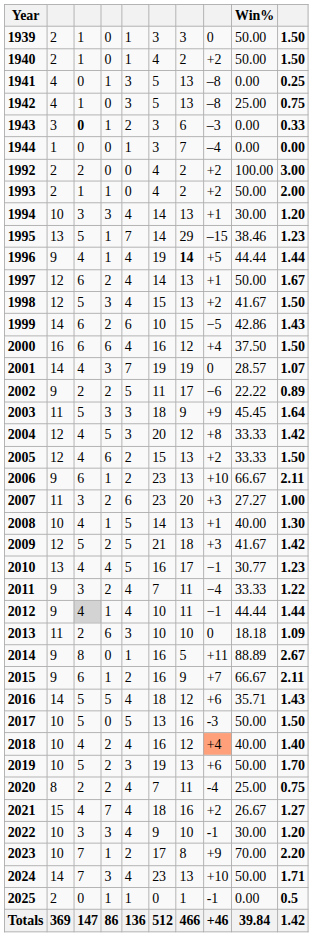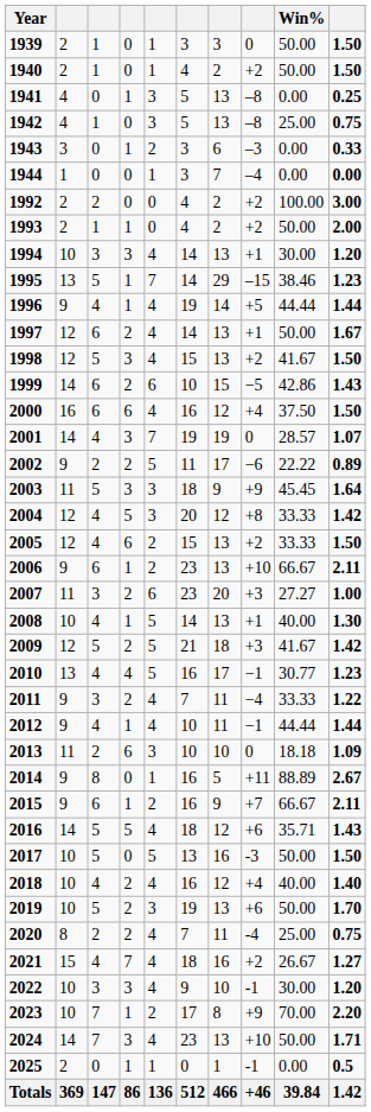 <table class="wikitable sortable">
 <tr>
 <th>Year</th>
 <th></th>
 <th></th>
 <th></th>
 <th></th>
 <th></th>
 <th></th>
 <th></th>
 <th>Win%</th>
 <th></th>
 </tr>
 <tr>
 <td><strong>1939</strong></td>
 <td>2</td>
 <td>1</td>
 <td>0</td>
 <td>1</td>
 <td>3</td>
 <td>3</td>
 <td>0</td>
 <td>50.00</td>
 <td><strong>1.50</strong></td>
 </tr>
 <tr>
 <td><strong>1940</strong></td>
 <td>2</td>
 <td>1</td>
 <td>0</td>
 <td>1</td>
 <td>4</td>
 <td>2</td>
 <td>+2</td>
 <td>50.00</td>
 <td><strong>1.50</strong></td>
 </tr>
 <tr>
 <td><strong>1941</strong></td>
 <td>4</td>
 <td>0</td>
 <td>1</td>
 <td>3</td>
 <td>5</td>
 <td>13</td>
 <td>–8</td>
 <td>0.00</td>
 <td><strong>0.25</strong></td>
 </tr>
 <tr>
 <td><strong>1942</strong></td>
 <td>4</td>
 <td>1</td>
 <td>0</td>
 <td>3</td>
 <td>5</td>
 <td>13</td>
 <td>–8</td>
 <td>25.00</td>
 <td><strong>0.75</strong></td>
 </tr>
 <tr>
 <td><strong>1943</strong></td>
 <td>3</td>
-<td><strong>0</strong></td>
+<td>0</td>
 <td>1</td>
 <td>2</td>
 <td>3</td>
 <td>6</td>
 <td>–3</td>
 <td>0.00</td>
 <td><strong>0.33</strong></td>
 </tr>
 <tr>
 <td><strong>1944</strong></td>
 <td>1</td>
 <td>0</td>
 <td>0</td>
 <td>1</td>
 <td>3</td>
 <td>7</td>
 <td>–4</td>
 <td>0.00</td>
 <td><strong>0.00</strong></td>
 </tr>
 <tr>
 <td><strong>1992</strong></td>
 <td>2</td>
 <td>2</td>
 <td>0</td>
 <td>0</td>
 <td>4</td>
 <td>2</td>
 <td>+2</td>
 <td>100.00</td>
 <td><strong>3.00</strong></td>
 </tr>
 <tr>
 <td><strong>1993</strong></td>
 <td>2</td>
 <td>1</td>
 <td>1</td>
 <td>0</td>
 <td>4</td>
 <td>2</td>
 <td>+2</td>
 <td>50.00</td>
 <td><strong>2.00</strong></td>
 </tr>
 <tr>
 <td><strong>1994</strong></td>
 <td>10</td>
 <td>3</td>
 <td>3</td>
 <td>4</td>
 <td>14</td>
 <td>13</td>
 <td>+1</td>
 <td>30.00</td>
 <td><strong>1.20</strong></td>
 </tr>
 <tr>
 <td><strong>1995</strong></td>
 <td>13</td>
 <td>5</td>
 <td>1</td>
 <td>7</td>
 <td>14</td>
 <td>29</td>
 <td>–15</td>
 <td>38.46</td>
 <td><strong>1.23</strong></td>
 </tr>
 <tr>
 <td><strong>1996</strong></td>
 <td>9</td>
 <td>4</td>
 <td>1</td>
 <td>4</td>
 <td>19</td>
-<td><strong>14</strong></td>
+<td>14</td>
 <td>+5</td>
 <td>44.44</td>
 <td><strong>1.44</strong></td>
 </tr>
 <tr>
 <td><strong>1997</strong></td>
 <td>12</td>
 <td>6</td>
 <td>2</td>
 <td>4</td>
 <td>14</td>
 <td>13</td>
 <td>+1</td>
 <td>50.00</td>
 <td><strong>1.67</strong></td>
 </tr>
 <tr>
 <td><strong>1998</strong></td>
 <td>12</td>
 <td>5</td>
 <td>3</td>
 <td>4</td>
 <td>15</td>
 <td>13</td>
 <td>+2</td>
 <td>41.67</td>
 <td><strong>1.50</strong></td>
 </tr>
 <tr>
 <td><strong>1999</strong></td>
 <td>14</td>
 <td>6</td>
 <td>2</td>
 <td>6</td>
 <td>10</td>
 <td>15</td>
 <td>−5</td>
 <td>42.86</td>
 <td><strong>1.43</strong></td>
 </tr>
 <tr>
 <td><strong>2000</strong></td>
 <td>16</td>
 <td>6</td>
 <td>6</td>
 <td>4</td>
 <td>16</td>
 <td>12</td>
 <td>+4</td>
 <td>37.50</td>
 <td><strong>1.50</strong></td>
 </tr>
 <tr>
 <td><strong>2001</strong></td>
 <td>14</td>
 <td>4</td>
 <td>3</td>
 <td>7</td>
 <td>19</td>
 <td>19</td>
 <td>0</td>
 <td>28.57</td>
 <td><strong>1.07</strong></td>
 </tr>
 <tr>
 <td><strong>2002</strong></td>
 <td>9</td>
 <td>2</td>
 <td>2</td>
 <td>5</td>
 <td>11</td>
 <td>17</td>
 <td>−6</td>
 <td>22.22</td>
 <td><strong>0.89</strong></td>
 </tr>
 <tr>
 <td><strong>2003</strong></td>
 <td>11</td>
 <td>5</td>
 <td>3</td>
 <td>3</td>
 <td>18</td>
 <td>9</td>
 <td>+9</td>
 <td>45.45</td>
 <td><strong>1.64</strong></td>
 </tr>
 <tr>
 <td><strong>2004</strong></td>
 <td>12</td>
 <td>4</td>
 <td>5</td>
 <td>3</td>
 <td>20</td>
 <td>12</td>
 <td>+8</td>
 <td>33.33</td>
 <td><strong>1.42</strong></td>
 </tr>
 <tr>
 <td><strong>2005</strong></td>
 <td>12</td>
 <td>4</td>
 <td>6</td>
 <td>2</td>
 <td>15</td>
 <td>13</td>
 <td>+2</td>
 <td>33.33</td>
 <td><strong>1.50</strong></td>
 </tr>
 <tr>
 <td><strong>2006</strong></td>
 <td>9</td>
 <td>6</td>
 <td>1</td>
 <td>2</td>
 <td>23</td>
 <td>13</td>
 <td>+10</td>
 <td>66.67</td>
 <td><strong>2.11</strong></td>
 </tr>
 <tr>
 <td><strong>2007</strong></td>
 <td>11</td>
 <td>3</td>
 <td>2</td>
 <td>6</td>
 <td>23</td>
 <td>20</td>
 <td>+3</td>
 <td>27.27</td>
 <td><strong>1.00</strong></td>
 </tr>
 <tr>
 <td><strong>2008</strong></td>
 <td>10</td>
 <td>4</td>
 <td>1</td>
 <td>5</td>
 <td>14</td>
 <td>13</td>
 <td>+1</td>
 <td>40.00</td>
 <td><strong>1.30</strong></td>
 </tr>
 <tr>
 <td><strong>2009</strong></td>
 <td>12</td>
 <td>5</td>
 <td>2</td>
 <td>5</td>
 <td>21</td>
 <td>18</td>
 <td>+3</td>
 <td>41.67</td>
 <td><strong>1.42</strong></td>
 </tr>
 <tr>
 <td><strong>2010</strong></td>
 <td>13</td>
 <td>4</td>
 <td>4</td>
 <td>5</td>
 <td>16</td>
 <td>17</td>
 <td>−1</td>
 <td>30.77</td>
 <td><strong>1.23</strong></td>
 </tr>
 <tr>
 <td><strong>2011</strong></td>
 <td>9</td>
 <td>3</td>
 <td>2</td>
 <td>4</td>
 <td>7</td>
 <td>11</td>
 <td>−4</td>
 <td>33.33</td>
 <td><strong>1.22</strong></td>
 </tr>
 <tr>
 <td><strong>2012</strong></td>
 <td>9</td>
-<td style="background: lightgrey;">4</td>
+<td>4</td>
 <td>1</td>
 <td>4</td>
 <td>10</td>
 <td>11</td>
 <td>−1</td>
 <td>44.44</td>
 <td><strong>1.44</strong></td>
 </tr>
 <tr>
 <td><strong>2013</strong></td>
 <td>11</td>
 <td>2</td>
 <td>6</td>
 <td>3</td>
 <td>10</td>
 <td>10</td>
 <td>0</td>
 <td>18.18</td>
 <td><strong>1.09</strong></td>
 </tr>
 <tr>
 <td><strong>2014</strong></td>
 <td>9</td>
 <td>8</td>
 <td>0</td>
 <td>1</td>
 <td>16</td>
 <td>5</td>
 <td>+11</td>
 <td>88.89</td>
 <td><strong>2.67</strong></td>
 </tr>
 <tr>
 <td><strong>2015</strong></td>
 <td>9</td>
 <td>6</td>
 <td>1</td>
 <td>2</td>
 <td>16</td>
 <td>9</td>
 <td>+7</td>
 <td>66.67</td>
 <td><strong>2.11</strong></td>
 </tr>
 <tr>
 <td><strong>2016</strong></td>
 <td>14</td>
 <td>5</td>
 <td>5</td>
 <td>4</td>
 <td>18</td>
 <td>12</td>
 <td>+6</td>
 <td>35.71</td>
 <td><strong>1.43</strong></td>
 </tr>
 <tr>
 <td><strong>2017</strong></td>
 <td>10</td>
 <td>5</td>
 <td>0</td>
 <td>5</td>
 <td>13</td>
 <td>16</td>
 <td>-3</td>
 <td>50.00</td>
 <td><strong>1.50</strong></td>
 </tr>
 <tr>
 <td><strong>2018</strong></td>
 <td>10</td>
 <td>4</td>
 <td>2</td>
 <td>4</td>
 <td>16</td>
 <td>12</td>
-<td style="background: lightsalmon;">+4</td>
+<td>+4</td>
 <td>40.00</td>
 <td><strong>1.40</strong></td>
 </tr>
 <tr>
 <td><strong>2019</strong></td>
 <td>10</td>
 <td>5</td>
 <td>2</td>
 <td>3</td>
 <td>19</td>
 <td>13</td>
 <td>+6</td>
 <td>50.00</td>
 <td><strong>1.70</strong></td>
 </tr>
 <tr>
 <td><strong>2020</strong></td>
 <td>8</td>
 <td>2</td>
 <td>2</td>
 <td>4</td>
 <td>7</td>
 <td>11</td>
 <td>-4</td>
 <td>25.00</td>
 <td><strong>0.75</strong></td>
 </tr>
 <tr>
 <td><strong>2021</strong></td>
 <td>15</td>
 <td>4</td>
 <td>7</td>
 <td>4</td>
 <td>18</td>
 <td>16</td>
 <td>+2</td>
 <td>26.67</td>
 <td><strong>1.27</strong></td>
 </tr>
 <tr>
 <td><strong>2022</strong></td>
 <td>10</td>
 <td>3</td>
 <td>3</td>
 <td>4</td>
 <td>9</td>
 <td>10</td>
 <td>-1</td>
 <td>30.00</td>
 <td><strong>1.20</strong></td>
 </tr>
 <tr>
 <td><strong>2023</strong></td>
 <td>10</td>
 <td>7</td>
 <td>1</td>
 <td>2</td>
 <td>17</td>
 <td>8</td>
 <td>+9</td>
 <td>70.00</td>
 <td><strong>2.20</strong></td>
 </tr>
 <tr>
 <td><strong>2024</strong></td>
 <td>14</td>
 <td>7</td>
 <td>3</td>
 <td>4</td>
 <td>23</td>
 <td>13</td>
 <td>+10</td>
 <td>50.00</td>
 <td><strong>1.71</strong></td>
 </tr>
 <tr>
 <td><strong>2025</strong></td>
 <td>2</td>
 <td>0</td>
 <td>1</td>
 <td>1</td>
 <td>0</td>
 <td>1</td>
 <td>-1</td>
 <td>0.00</td>
 <td><strong>0.5</strong></td>
 </tr>
 <tr class="sortbottom">
 <th colspan="1">Totals</th>
 <th>369</th>
 <th>147</th>
 <th>86</th>
 <th>136</th>
 <th>512</th>
 <th>466</th>
 <th>+46</th>
 <th>39.84</th>
 <th><strong>1.42</strong></th>
 </tr>
 </table>
